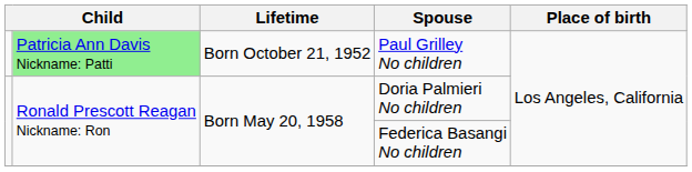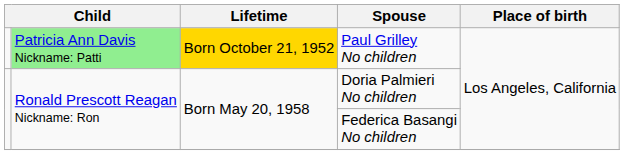 <table class="wikitable">
 <tr>
 <th colspan="2">Child</th>
 <th>Lifetime</th>
 <th>Spouse</th>
 <th>Place of birth</th>
 </tr>
 <tr>
 <td></td>
 <td style="background: lightgreen;"><a href='#'>Patricia Ann Davis</a><br><small>Nickname: Patti</small></td>
-<td>Born October 21, 1952</td>
+<td style="background: gold;">Born October 21, 1952</td>
 <td><a href='#'>Paul Grilley</a><br><em>No children</em></td>
 <td rowspan="3">Los Angeles, California</td>
 </tr>
 <tr>
 <td rowspan="2"></td>
 <td rowspan="2"><a href='#'>Ronald Prescott Reagan</a><br><small>Nickname: Ron</small></td>
 <td rowspan="2">Born May 20, 1958</td>
 <td>Doria Palmieri<br><em>No children</em></td>
 </tr>
 <tr>
 <td>Federica Basangi<br><em>No children</em></td>
 </tr>
 <tr>
 </tr>
 </table>
